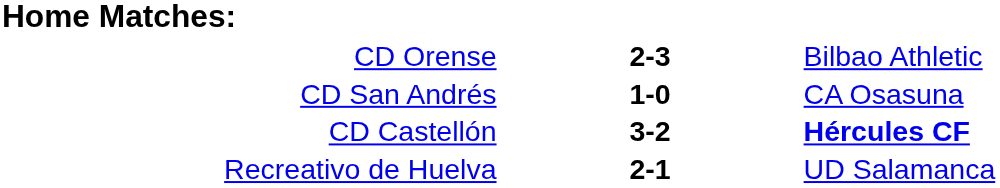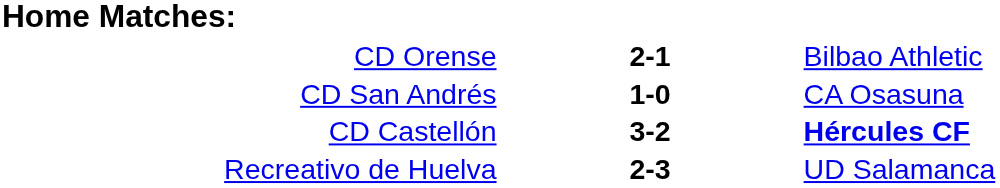 <table width=100% cellspacing=1>
 <tr>
 <th width=20%></th>
 <th width=12%></th>
 <th width=20%></th>
 <th></th>
 </tr>
 <tr>
 <td><strong>Home Matches:</strong></td>
 </tr>
 <tr style=font-size:90%>
 <td align=right><a href='#'>CD Orense</a></td>
-<td align=center><strong>2-3</strong></td>
+<td align=center><strong>2-1</strong></td>
 <td><a href='#'>Bilbao Athletic</a></td>
 </tr>
 <tr style=font-size:90%>
 <td align=right><a href='#'>CD San Andrés</a></td>
 <td align=center><strong>1-0</strong></td>
 <td><a href='#'>CA Osasuna</a></td>
 </tr>
 <tr style=font-size:90%>
 <td align=right><a href='#'>CD Castellón</a></td>
 <td align=center><strong>3-2</strong></td>
 <td><strong><a href='#'>Hércules CF</a></strong></td>
 </tr>
 <tr style=font-size:90%>
 <td align=right><a href='#'>Recreativo de Huelva</a></td>
-<td align=center><strong>2-1</strong></td>
+<td align=center><strong>2-3</strong></td>
 <td><a href='#'>UD Salamanca</a></td>
 </tr>
 </table>
